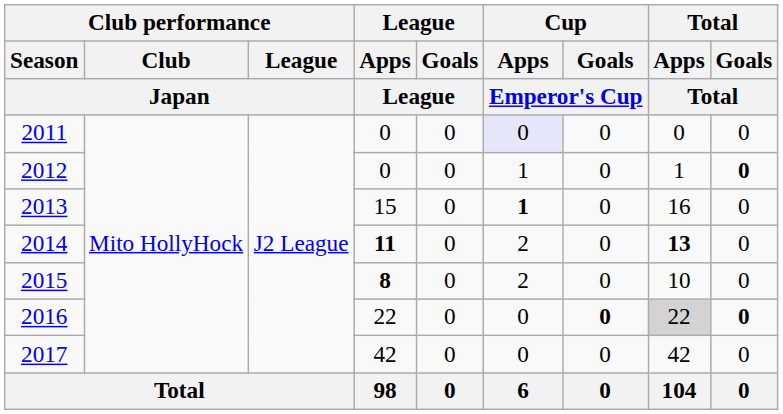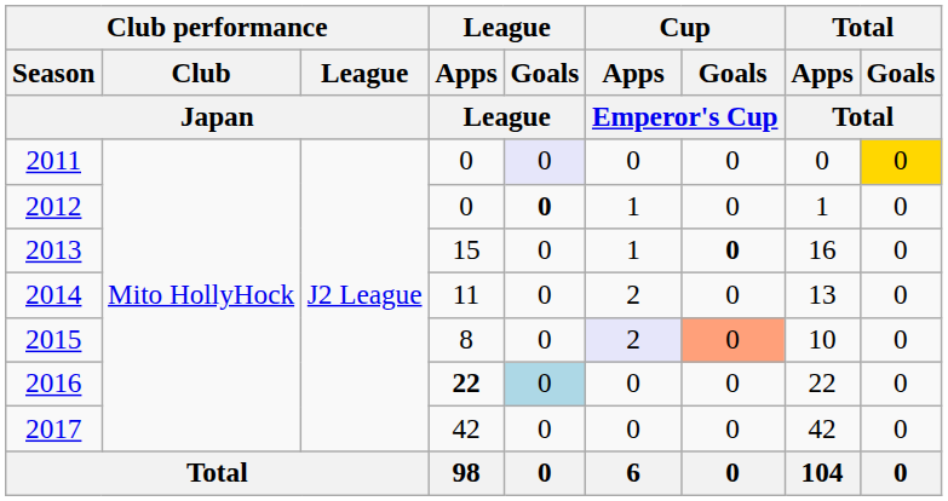 <table class="wikitable" style="text-align:center;">
 <tr>
 <th colspan=3>Club performance</th>
 <th colspan=2>League</th>
 <th colspan=2>Cup</th>
 <th colspan=2>Total</th>
 </tr>
 <tr>
 <th>Season</th>
 <th>Club</th>
 <th>League</th>
 <th>Apps</th>
 <th>Goals</th>
 <th>Apps</th>
 <th>Goals</th>
 <th>Apps</th>
 <th>Goals</th>
 </tr>
 <tr>
 <th colspan=3>Japan</th>
 <th colspan=2>League</th>
 <th colspan=2><a href='#'>Emperor's Cup</a></th>
 <th colspan=2>Total</th>
 </tr>
 <tr>
 <td><a href='#'>2011</a></td>
 <td rowspan="7"><a href='#'>Mito HollyHock</a></td>
 <td rowspan="7"><a href='#'>J2 League</a></td>
 <td>0</td>
-<td>0</td>
 <td style="background: lavender;">0</td>
 <td>0</td>
 <td>0</td>
 <td>0</td>
+<td style="background: gold;">0</td>
 </tr>
 <tr>
 <td><a href='#'>2012</a></td>
 <td>0</td>
+<td><strong>0</strong></td>
+<td>1</td>
 <td>0</td>
 <td>1</td>
 <td>0</td>
-<td>1</td>
-<td><strong>0</strong></td>
 </tr>
 <tr>
 <td><a href='#'>2013</a></td>
 <td>15</td>
 <td>0</td>
-<td><strong>1</strong></td>
-<td>0</td>
+<td>1</td>
+<td><strong>0</strong></td>
 <td>16</td>
 <td>0</td>
 </tr>
 <tr>
 <td><a href='#'>2014</a></td>
-<td><strong>11</strong></td>
+<td>11</td>
 <td>0</td>
 <td>2</td>
 <td>0</td>
-<td><strong>13</strong></td>
+<td>13</td>
 <td>0</td>
 </tr>
 <tr>
 <td><a href='#'>2015</a></td>
-<td><strong>8</strong></td>
+<td>8</td>
 <td>0</td>
-<td>2</td>
-<td>0</td>
+<td style="background: lavender;">2</td>
+<td style="background: lightsalmon;">0</td>
 <td>10</td>
 <td>0</td>
 </tr>
 <tr>
 <td><a href='#'>2016</a></td>
+<td><strong>22</strong></td>
+<td style="background: lightblue;">0</td>
+<td>0</td>
+<td>0</td>
 <td>22</td>
 <td>0</td>
-<td>0</td>
-<td><strong>0</strong></td>
-<td style="background: lightgrey;">22</td>
-<td><strong>0</strong></td>
 </tr>
 <tr>
 <td><a href='#'>2017</a></td>
 <td>42</td>
 <td>0</td>
 <td>0</td>
 <td>0</td>
 <td>42</td>
 <td>0</td>
 </tr>
 <tr>
 <th colspan=3>Total</th>
 <th>98</th>
 <th>0</th>
 <th>6</th>
 <th>0</th>
 <th>104</th>
 <th>0</th>
 </tr>
 </table>
